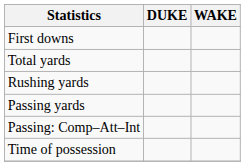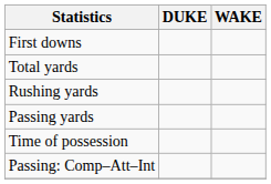 <table class="wikitable" style="float: left;">
 <tr>
 <th>Statistics</th>
 <th>DUKE</th>
 <th>WAKE</th>
 </tr>
 <tr>
 <td>First downs</td>
 <td></td>
 <td></td>
 </tr>
 <tr>
 <td>Total yards</td>
 <td></td>
 <td></td>
 </tr>
 <tr>
 <td>Rushing yards</td>
 <td></td>
 <td></td>
 </tr>
 <tr>
 <td>Passing yards</td>
 <td></td>
 <td></td>
 </tr>
 <tr>
-<td>Passing: Comp–Att–Int</td>
+<td>Time of possession</td>
 <td></td>
 <td></td>
 </tr>
 <tr>
-<td>Time of possession</td>
+<td>Passing: Comp–Att–Int</td>
 <td></td>
 <td></td>
 </tr>
 <tr>
 </tr>
 </table>
